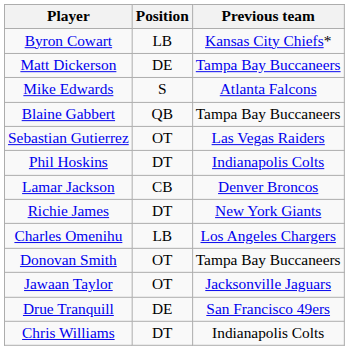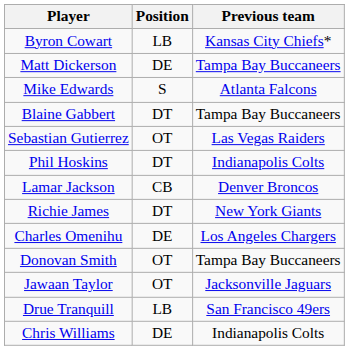 <table class="wikitable" style="text-align:center">
 <tr>
 <th>Player</th>
 <th>Position</th>
 <th>Previous team</th>
 </tr>
 <tr>
 <td><a href='#'>Byron Cowart</a></td>
 <td>LB</td>
 <td><a href='#'>Kansas City Chiefs</a>*</td>
 </tr>
 <tr>
 <td><a href='#'>Matt Dickerson</a></td>
 <td>DE</td>
 <td><a href='#'>Tampa Bay Buccaneers</a></td>
 </tr>
 <tr>
 <td><a href='#'>Mike Edwards</a></td>
 <td>S</td>
 <td><a href='#'>Atlanta Falcons</a></td>
 </tr>
 <tr>
 <td><a href='#'>Blaine Gabbert</a></td>
-<td>QB</td>
+<td>DT</td>
 <td>Tampa Bay Buccaneers</td>
 </tr>
 <tr>
 <td><a href='#'>Sebastian Gutierrez</a></td>
 <td>OT</td>
 <td><a href='#'>Las Vegas Raiders</a></td>
 </tr>
 <tr>
 <td><a href='#'>Phil Hoskins</a></td>
 <td>DT</td>
 <td><a href='#'>Indianapolis Colts</a></td>
 </tr>
 <tr>
 <td><a href='#'>Lamar Jackson</a></td>
 <td>CB</td>
 <td><a href='#'>Denver Broncos</a></td>
 </tr>
 <tr>
 <td><a href='#'>Richie James</a></td>
 <td>DT</td>
 <td><a href='#'>New York Giants</a></td>
 </tr>
 <tr>
 <td><a href='#'>Charles Omenihu</a></td>
-<td>LB</td>
+<td>DE</td>
 <td><a href='#'>Los Angeles Chargers</a></td>
 </tr>
 <tr>
 <td><a href='#'>Donovan Smith</a></td>
 <td>OT</td>
 <td>Tampa Bay Buccaneers</td>
 </tr>
 <tr>
 <td><a href='#'>Jawaan Taylor</a></td>
 <td>OT</td>
 <td><a href='#'>Jacksonville Jaguars</a></td>
 </tr>
 <tr>
 <td><a href='#'>Drue Tranquill</a></td>
-<td>DE</td>
+<td>LB</td>
 <td><a href='#'>San Francisco 49ers</a></td>
 </tr>
 <tr>
 <td><a href='#'>Chris Williams</a></td>
-<td>DT</td>
+<td>DE</td>
 <td>Indianapolis Colts</td>
 </tr>
 </table>
